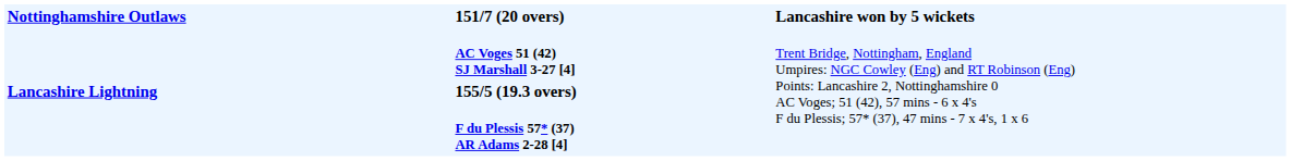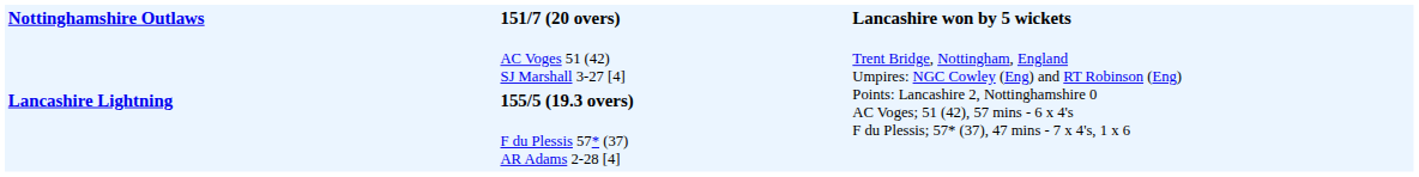 <table style="width:100%; background:#ebf5ff;">
 <tr>
 <td style="width:35%; vertical-align:top;" rowspan="2"><strong><a href='#'>Nottinghamshire Outlaws</a></strong></td>
 <td style="width:25%;"><strong>151/7 (20 overs)</strong></td>
 <td style="width:40%;"><strong>Lancashire won by 5 wickets</strong></td>
 </tr>
 <tr>
-<td style="font-size: 85%;"><strong><br><a href='#'>AC Voges</a> 51 (42)<br> <a href='#'>SJ Marshall</a> 3-27 [4]</strong></td>
+<td style="font-size: 85%;"><br><a href='#'>AC Voges</a> 51 (42)<br> <a href='#'>SJ Marshall</a> 3-27 [4]</td>
 <td style="vertical-align:top; font-size:85%;" rowspan="3"><br><a href='#'>Trent Bridge</a>, <a href='#'>Nottingham</a>, <a href='#'>England</a><br> Umpires: <a href='#'>NGC Cowley</a> (<a href='#'>Eng</a>) and <a href='#'>RT Robinson</a> (<a href='#'>Eng</a>)<br> Points: Lancashire 2, Nottinghamshire 0<br>AC Voges; 51 (42), 57 mins - 6 x 4's<br> F du Plessis; 57* (37), 47 mins - 7 x 4's, 1 x 6</td>
 </tr>
 <tr>
 <td style="vertical-align:top;" rowspan="2"><strong><a href='#'>Lancashire Lightning</a></strong></td>
 <td><strong>155/5 (19.3 overs)</strong></td>
 </tr>
 <tr>
-<td style="font-size: 85%;"><strong><br><a href='#'>F du Plessis</a> 57<a href='#'>*</a> (37)<br> <a href='#'>AR Adams</a> 2-28 [4]</strong></td>
+<td style="font-size: 85%;"><br><a href='#'>F du Plessis</a> 57<a href='#'>*</a> (37)<br> <a href='#'>AR Adams</a> 2-28 [4]</td>
 </tr>
 </table>
